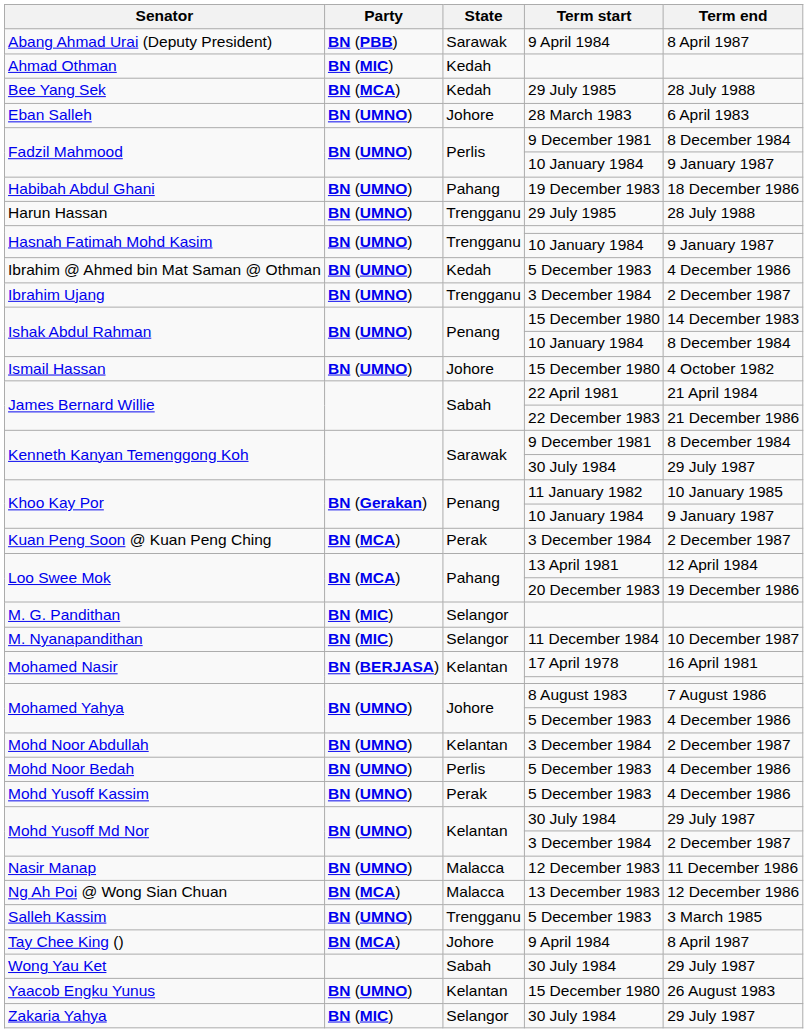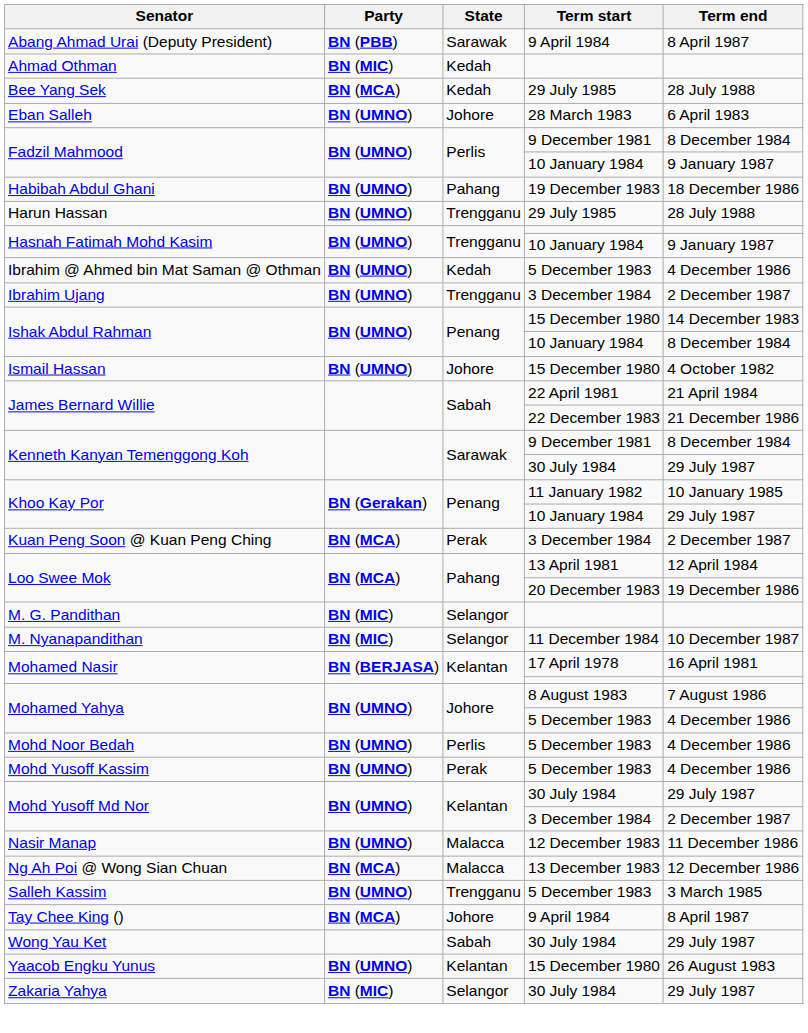 <table class="wikitable sortable">
 <tr>
 <th>Senator</th>
 <th>Party</th>
 <th>State</th>
 <th>Term start</th>
 <th>Term end</th>
 </tr>
 <tr>
 <td><a href='#'>Abang Ahmad Urai</a> (Deputy President)</td>
 <td><strong><a href='#'>BN</a></strong> (<strong><a href='#'>PBB</a></strong>)</td>
 <td>Sarawak</td>
 <td>9 April 1984</td>
 <td>8 April 1987</td>
 </tr>
 <tr>
 <td><a href='#'>Ahmad Othman</a></td>
 <td><strong><a href='#'>BN</a></strong> (<strong><a href='#'>MIC</a></strong>)</td>
 <td>Kedah</td>
 <td></td>
 <td></td>
 </tr>
 <tr>
 <td><a href='#'>Bee Yang Sek</a></td>
 <td><strong><a href='#'>BN</a></strong> (<strong><a href='#'>MCA</a></strong>)</td>
 <td>Kedah</td>
 <td>29 July 1985</td>
 <td>28 July 1988</td>
 </tr>
 <tr>
 <td><a href='#'>Eban Salleh</a></td>
 <td><strong><a href='#'>BN</a></strong> (<strong><a href='#'>UMNO</a></strong>)</td>
 <td>Johore</td>
 <td>28 March 1983</td>
 <td>6 April 1983</td>
 </tr>
 <tr>
 <td rowspan=2><a href='#'>Fadzil Mahmood</a></td>
 <td rowspan=2><strong><a href='#'>BN</a></strong> (<strong><a href='#'>UMNO</a></strong>)</td>
 <td rowspan=2>Perlis</td>
 <td>9 December 1981</td>
 <td>8 December 1984</td>
 </tr>
 <tr>
 <td>10 January 1984</td>
 <td>9 January 1987</td>
 </tr>
 <tr>
 <td><a href='#'>Habibah Abdul Ghani</a></td>
 <td><strong><a href='#'>BN</a></strong> (<strong><a href='#'>UMNO</a></strong>)</td>
 <td>Pahang</td>
 <td>19 December 1983</td>
 <td>18 December 1986</td>
 </tr>
 <tr>
 <td>Harun Hassan</td>
 <td><strong><a href='#'>BN</a></strong> (<strong><a href='#'>UMNO</a></strong>)</td>
 <td>Trengganu</td>
 <td>29 July 1985</td>
 <td>28 July 1988</td>
 </tr>
 <tr>
 <td rowspan=2><a href='#'>Hasnah Fatimah Mohd Kasim</a></td>
 <td rowspan=2><strong><a href='#'>BN</a></strong> (<strong><a href='#'>UMNO</a></strong>)</td>
 <td rowspan=2>Trengganu</td>
 <td></td>
 <td></td>
 </tr>
 <tr>
 <td>10 January 1984</td>
 <td>9 January 1987</td>
 </tr>
 <tr>
 <td>Ibrahim @ Ahmed bin Mat Saman @ Othman</td>
 <td><strong><a href='#'>BN</a></strong> (<strong><a href='#'>UMNO</a></strong>)</td>
 <td>Kedah</td>
 <td>5 December 1983</td>
 <td>4 December 1986</td>
 </tr>
 <tr>
 <td><a href='#'>Ibrahim Ujang</a></td>
 <td><strong><a href='#'>BN</a></strong> (<strong><a href='#'>UMNO</a></strong>)</td>
 <td>Trengganu</td>
 <td>3 December 1984</td>
 <td>2 December 1987</td>
 </tr>
 <tr>
 <td rowspan=2><a href='#'>Ishak Abdul Rahman</a></td>
 <td rowspan=2><strong><a href='#'>BN</a></strong> (<strong><a href='#'>UMNO</a></strong>)</td>
 <td rowspan=2>Penang</td>
 <td>15 December 1980</td>
 <td>14 December 1983</td>
 </tr>
 <tr>
 <td>10 January 1984</td>
 <td>8 December 1984</td>
 </tr>
 <tr>
 <td><a href='#'>Ismail Hassan</a></td>
 <td><strong><a href='#'>BN</a></strong> (<strong><a href='#'>UMNO</a></strong>)</td>
 <td>Johore</td>
 <td>15 December 1980</td>
 <td>4 October 1982</td>
 </tr>
 <tr>
 <td rowspan=2><a href='#'>James Bernard Willie</a></td>
 <td rowspan=2></td>
 <td rowspan=2>Sabah</td>
 <td>22 April 1981</td>
 <td>21 April 1984</td>
 </tr>
 <tr>
 <td>22 December 1983</td>
 <td>21 December 1986</td>
 </tr>
 <tr>
 <td rowspan=2><a href='#'>Kenneth Kanyan Temenggong Koh</a></td>
 <td rowspan=2></td>
 <td rowspan=2>Sarawak</td>
 <td>9 December 1981</td>
 <td>8 December 1984</td>
 </tr>
 <tr>
 <td>30 July 1984</td>
 <td>29 July 1987</td>
 </tr>
 <tr>
 <td rowspan=2><a href='#'>Khoo Kay Por</a></td>
 <td rowspan=2><strong><a href='#'>BN</a></strong> (<strong><a href='#'>Gerakan</a></strong>)</td>
 <td rowspan=2>Penang</td>
 <td>11 January 1982</td>
 <td>10 January 1985</td>
 </tr>
 <tr>
 <td>10 January 1984</td>
-<td>9 January 1987</td>
+<td>29 July 1987</td>
 </tr>
 <tr>
 <td><a href='#'>Kuan Peng Soon</a> @ Kuan Peng Ching</td>
 <td><strong><a href='#'>BN</a></strong> (<strong><a href='#'>MCA</a></strong>)</td>
 <td>Perak</td>
 <td>3 December 1984</td>
 <td>2 December 1987</td>
 </tr>
 <tr>
 <td rowspan=2><a href='#'>Loo Swee Mok</a></td>
 <td rowspan=2><strong><a href='#'>BN</a></strong> (<strong><a href='#'>MCA</a></strong>)</td>
 <td rowspan=2>Pahang</td>
 <td>13 April 1981</td>
 <td>12 April 1984</td>
 </tr>
 <tr>
 <td>20 December 1983</td>
 <td>19 December 1986</td>
 </tr>
 <tr>
 <td><a href='#'>M. G. Pandithan</a></td>
 <td><strong><a href='#'>BN</a></strong> (<strong><a href='#'>MIC</a></strong>)</td>
 <td>Selangor</td>
 <td></td>
 <td></td>
 </tr>
 <tr>
 <td><a href='#'>M. Nyanapandithan</a></td>
 <td><strong><a href='#'>BN</a></strong> (<strong><a href='#'>MIC</a></strong>)</td>
 <td>Selangor</td>
 <td>11 December 1984</td>
 <td>10 December 1987</td>
 </tr>
 <tr>
 <td rowspan=2><a href='#'>Mohamed Nasir</a></td>
 <td rowspan=2><strong><a href='#'>BN</a></strong> (<strong><a href='#'>BERJASA</a></strong>)</td>
 <td rowspan=2>Kelantan</td>
 <td>17 April 1978</td>
 <td>16 April 1981</td>
 </tr>
 <tr>
 <td></td>
 <td></td>
 </tr>
 <tr>
 <td rowspan=2><a href='#'>Mohamed Yahya</a></td>
 <td rowspan=2><strong><a href='#'>BN</a></strong> (<strong><a href='#'>UMNO</a></strong>)</td>
 <td rowspan=2>Johore</td>
 <td>8 August 1983</td>
 <td>7 August 1986</td>
 </tr>
 <tr>
 <td>5 December 1983</td>
 <td>4 December 1986</td>
-</tr>
-<tr>
-<td><a href='#'>Mohd Noor Abdullah</a></td>
-<td><strong><a href='#'>BN</a></strong> (<strong><a href='#'>UMNO</a></strong>)</td>
-<td>Kelantan</td>
-<td>3 December 1984</td>
-<td>2 December 1987</td>
 </tr>
 <tr>
 <td><a href='#'>Mohd Noor Bedah</a></td>
 <td><strong><a href='#'>BN</a></strong> (<strong><a href='#'>UMNO</a></strong>)</td>
 <td>Perlis</td>
 <td>5 December 1983</td>
 <td>4 December 1986</td>
 </tr>
 <tr>
 <td><a href='#'>Mohd Yusoff Kassim</a></td>
 <td><strong><a href='#'>BN</a></strong> (<strong><a href='#'>UMNO</a></strong>)</td>
 <td>Perak</td>
 <td>5 December 1983</td>
 <td>4 December 1986</td>
 </tr>
 <tr>
 <td rowspan=2><a href='#'>Mohd Yusoff Md Nor</a></td>
 <td rowspan=2><strong><a href='#'>BN</a></strong> (<strong><a href='#'>UMNO</a></strong>)</td>
 <td rowspan=2>Kelantan</td>
 <td>30 July 1984</td>
 <td>29 July 1987</td>
 </tr>
 <tr>
 <td>3 December 1984</td>
 <td>2 December 1987</td>
 </tr>
 <tr>
 <td><a href='#'>Nasir Manap</a></td>
 <td><strong><a href='#'>BN</a></strong> (<strong><a href='#'>UMNO</a></strong>)</td>
 <td>Malacca</td>
 <td>12 December 1983</td>
 <td>11 December 1986</td>
 </tr>
 <tr>
 <td><a href='#'>Ng Ah Poi</a> @ Wong Sian Chuan</td>
 <td><strong><a href='#'>BN</a></strong> (<strong><a href='#'>MCA</a></strong>)</td>
 <td>Malacca</td>
 <td>13 December 1983</td>
 <td>12 December 1986</td>
 </tr>
 <tr>
 <td><a href='#'>Salleh Kassim</a></td>
 <td><strong><a href='#'>BN</a></strong> (<strong><a href='#'>UMNO</a></strong>)</td>
 <td>Trengganu</td>
 <td>5 December 1983</td>
 <td>3 March 1985</td>
 </tr>
 <tr>
 <td><a href='#'>Tay Chee King</a> ()</td>
 <td><strong><a href='#'>BN</a></strong> (<strong><a href='#'>MCA</a></strong>)</td>
 <td>Johore</td>
 <td>9 April 1984</td>
 <td>8 April 1987</td>
 </tr>
 <tr>
 <td><a href='#'>Wong Yau Ket</a></td>
 <td></td>
 <td>Sabah</td>
 <td>30 July 1984</td>
 <td>29 July 1987</td>
 </tr>
 <tr>
 <td><a href='#'>Yaacob Engku Yunus</a></td>
 <td><strong><a href='#'>BN</a></strong> (<strong><a href='#'>UMNO</a></strong>)</td>
 <td>Kelantan</td>
 <td>15 December 1980</td>
 <td>26 August 1983</td>
 </tr>
 <tr>
 <td><a href='#'>Zakaria Yahya</a></td>
 <td><strong><a href='#'>BN</a></strong> (<strong><a href='#'>MIC</a></strong>)</td>
 <td>Selangor</td>
 <td>30 July 1984</td>
 <td>29 July 1987</td>
 </tr>
 </table>
